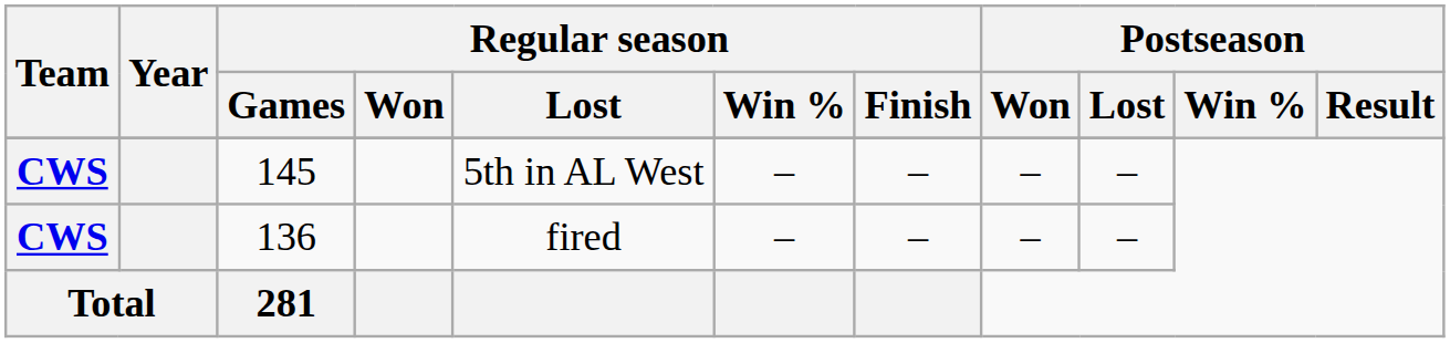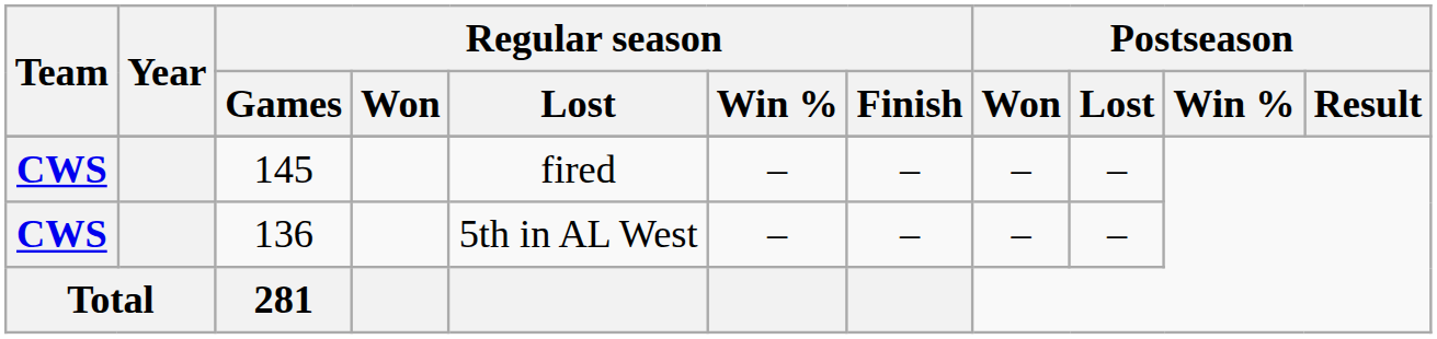 <table class="wikitable" style="font-size: 95%; text-align:center;">
 <tr>
 <th rowspan="2">Team</th>
 <th rowspan="2">Year</th>
 <th colspan="5">Regular season</th>
 <th colspan="4">Postseason</th>
 </tr>
 <tr>
 <th>Games</th>
 <th>Won</th>
 <th>Lost</th>
 <th>Win %</th>
 <th>Finish</th>
 <th>Won</th>
 <th>Lost</th>
 <th>Win %</th>
 <th>Result</th>
 </tr>
 <tr>
 </tr>
 <tr>
 <th><a href='#'>CWS</a></th>
 <th></th>
 <td>145</td>
 <td></td>
-<td>5th in AL West</td>
+<td>fired</td>
 <td>–</td>
 <td>–</td>
 <td>–</td>
 <td>–</td>
 </tr>
 <tr>
 <th><a href='#'>CWS</a></th>
 <th></th>
 <td>136</td>
 <td></td>
-<td>fired</td>
+<td>5th in AL West</td>
 <td>–</td>
 <td>–</td>
 <td>–</td>
 <td>–</td>
 </tr>
 <tr>
 <th colspan="2">Total</th>
 <th>281</th>
 <th></th>
 <th></th>
 <th></th>
 <th></th>
 </tr>
 </table>
